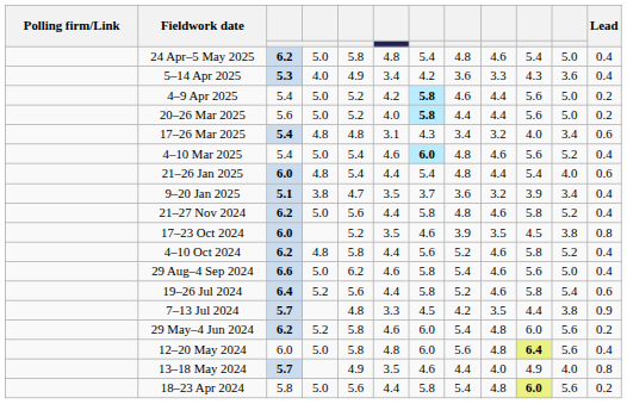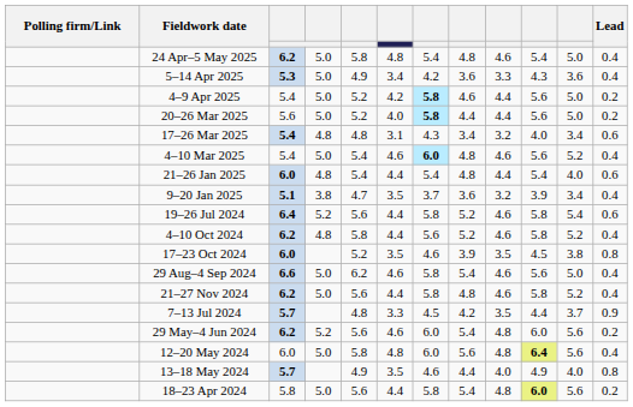 <table class="wikitable sortable mw-datatable" style="text-align:center;font-size:95%;line-height:16px;">
 <tr style="height:42px;">
 <th rowspan="2" style="width:150px;">Polling firm/Link</th>
 <th rowspan="2" style="width:145px;">Fieldwork date</th>
 <th class="unsortable" style="width:35px;"></th>
 <th class="unsortable" style="width:35px;"></th>
 <th class="unsortable" style="width:35px;"></th>
 <th class="unsortable" style="width:35px;"></th>
 <th class="unsortable" style="width:35px;"></th>
 <th class="unsortable" style="width:35px;"></th>
 <th class="unsortable" style="width:35px;"></th>
 <th class="unsortable" style="width:35px;"></th>
 <th class="unsortable" style="width:35px;"></th>
 <th rowspan="2" class="unsortable" style="width:30px;">Lead</th>
 </tr>
 <tr>
 <th colspan="2" style="color:inherit;background:"></th>
 <th style="color:inherit;background:"></th>
 <th style="color:inherit;background:#202056;"></th>
 <th style="color:inherit;background:"></th>
 <th style="color:inherit;background:"></th>
 <th style="color:inherit;background:"></th>
 <th style="color:inherit;background:"></th>
 <th style="color:inherit;background:"></th>
 </tr>
 <tr>
 <td></td>
 <td data-sort-value="2019-10-03">24 Apr–5 May 2025</td>
 <td style="background:#CBDCEF"><strong>6.2</strong></td>
 <td>5.0</td>
 <td>5.8</td>
 <td>4.8</td>
 <td>5.4</td>
 <td>4.8</td>
 <td>4.6</td>
 <td>5.4</td>
 <td>5.0</td>
 <td style="background:">0.4</td>
 </tr>
 <tr>
 <td></td>
 <td>5–14 Apr 2025</td>
 <td style="background:#CBDCEF"><strong>5.3</strong></td>
-<td>4.0</td>
+<td>5.0</td>
 <td>4.9</td>
 <td>3.4</td>
 <td>4.2</td>
 <td>3.6</td>
 <td>3.3</td>
 <td>4.3</td>
 <td>3.6</td>
 <td style="background:">0.4</td>
 </tr>
 <tr>
 <td></td>
 <td data-sort-value="2019-10-03">4–9 Apr 2025</td>
 <td>5.4</td>
 <td>5.0</td>
 <td>5.2</td>
 <td>4.2</td>
 <td style="background:#b9ecff;"><strong>5.8</strong></td>
 <td>4.6</td>
 <td>4.4</td>
 <td>5.6</td>
 <td>5.0</td>
 <td style="background:">0.2</td>
 </tr>
 <tr>
 <td></td>
 <td data-sort-value="2019-10-03">20–26 Mar 2025</td>
 <td>5.6</td>
 <td>5.0</td>
 <td>5.2</td>
 <td>4.0</td>
 <td style="background:#b9ecff;"><strong>5.8</strong></td>
 <td>4.4</td>
 <td>4.4</td>
 <td>5.6</td>
 <td>5.0</td>
 <td style="background:">0.2</td>
 </tr>
 <tr>
 <td></td>
 <td data-sort-value="2024-05-13">17–26 Mar 2025</td>
 <td style="background:#CBDCEF"><strong>5.4</strong></td>
 <td>4.8</td>
 <td>4.8</td>
 <td>3.1</td>
 <td>4.3</td>
 <td>3.4</td>
 <td>3.2</td>
 <td>4.0</td>
 <td>3.4</td>
 <td style="background:">0.6</td>
 </tr>
 <tr>
 <td></td>
 <td data-sort-value="2019-10-03">4–10 Mar 2025</td>
 <td>5.4</td>
 <td>5.0</td>
 <td>5.4</td>
 <td>4.6</td>
 <td style="background:#b9ecff;"><strong>6.0</strong></td>
 <td>4.8</td>
 <td>4.6</td>
 <td>5.6</td>
 <td>5.2</td>
 <td style="background:">0.4</td>
 </tr>
 <tr>
 <td></td>
 <td data-sort-value="2019-10-03">21–26 Jan 2025</td>
 <td style="background:#CBDCEF"><strong>6.0</strong></td>
 <td>4.8</td>
 <td>5.4</td>
 <td>4.4</td>
 <td>5.4</td>
 <td>4.8</td>
 <td>4.4</td>
 <td>5.4</td>
 <td>4.0</td>
 <td style="background:">0.6</td>
 </tr>
 <tr>
 <td></td>
 <td>9–20 Jan 2025</td>
 <td style="background:#CBDCEF"><strong>5.1</strong></td>
 <td>3.8</td>
 <td>4.7</td>
 <td>3.5</td>
 <td>3.7</td>
 <td>3.6</td>
 <td>3.2</td>
 <td>3.9</td>
 <td>3.4</td>
 <td style="background:">0.4</td>
 </tr>
 <tr>
 <td></td>
-<td data-sort-value="2019-10-03">21–27 Nov 2024</td>
-<td style="background:#CBDCEF"><strong>6.2</strong></td>
-<td>5.0</td>
+<td data-sort-value="2019-10-03">19–26 Jul 2024</td>
+<td style="background:#CBDCEF"><strong>6.4</strong></td>
+<td>5.2</td>
 <td>5.6</td>
 <td>4.4</td>
 <td>5.8</td>
+<td>5.2</td>
+<td>4.6</td>
+<td>5.8</td>
+<td>5.4</td>
+<td style="background:">0.6</td>
+</tr>
+<tr>
+<td></td>
+<td data-sort-value="2019-10-03">4–10 Oct 2024</td>
+<td style="background:#CBDCEF"><strong>6.2</strong></td>
 <td>4.8</td>
+<td>5.8</td>
+<td>4.4</td>
+<td>5.6</td>
+<td>5.2</td>
 <td>4.6</td>
 <td>5.8</td>
 <td>5.2</td>
 <td style="background:">0.4</td>
 </tr>
 <tr>
 <td></td>
 <td data-sort-value="2024-05-13">17–23 Oct 2024</td>
 <td style="background:#CBDCEF"><strong>6.0</strong></td>
 <td></td>
 <td>5.2</td>
 <td>3.5</td>
 <td>4.6</td>
 <td>3.9</td>
 <td>3.5</td>
 <td>4.5</td>
 <td>3.8</td>
 <td style="background:">0.8</td>
 </tr>
 <tr>
 <td></td>
-<td data-sort-value="2019-10-03">4–10 Oct 2024</td>
-<td style="background:#CBDCEF"><strong>6.2</strong></td>
-<td>4.8</td>
-<td>5.8</td>
-<td>4.4</td>
-<td>5.6</td>
-<td>5.2</td>
-<td>4.6</td>
-<td>5.8</td>
-<td>5.2</td>
-<td style="background:">0.4</td>
-</tr>
-<tr>
-<td></td>
 <td data-sort-value="2019-10-03">29 Aug–4 Sep 2024</td>
 <td style="background:#CBDCEF"><strong>6.6</strong></td>
 <td>5.0</td>
 <td>6.2</td>
 <td>4.6</td>
 <td>5.8</td>
 <td>5.4</td>
 <td>4.6</td>
 <td>5.6</td>
 <td>5.0</td>
 <td style="background:">0.4</td>
 </tr>
 <tr>
 <td></td>
-<td data-sort-value="2019-10-03">19–26 Jul 2024</td>
-<td style="background:#CBDCEF"><strong>6.4</strong></td>
-<td>5.2</td>
+<td data-sort-value="2019-10-03">21–27 Nov 2024</td>
+<td style="background:#CBDCEF"><strong>6.2</strong></td>
+<td>5.0</td>
 <td>5.6</td>
 <td>4.4</td>
 <td>5.8</td>
-<td>5.2</td>
+<td>4.8</td>
 <td>4.6</td>
 <td>5.8</td>
-<td>5.4</td>
-<td style="background:">0.6</td>
+<td>5.2</td>
+<td style="background:">0.4</td>
 </tr>
 <tr>
 <td></td>
 <td data-sort-value="2024-05-13">7–13 Jul 2024</td>
 <td style="background:#CBDCEF"><strong>5.7</strong></td>
 <td></td>
 <td>4.8</td>
 <td>3.3</td>
 <td>4.5</td>
 <td>4.2</td>
 <td>3.5</td>
 <td>4.4</td>
-<td>3.8</td>
+<td>3.7</td>
 <td style="background:">0.9</td>
 </tr>
 <tr>
 <td></td>
 <td data-sort-value="2019-10-03">29 May–4 Jun 2024</td>
 <td style="background:#CBDCEF"><strong>6.2</strong></td>
 <td>5.2</td>
-<td>5.8</td>
+<td>5.6</td>
 <td>4.6</td>
 <td>6.0</td>
 <td>5.4</td>
 <td>4.8</td>
 <td>6.0</td>
 <td>5.6</td>
 <td style="background:">0.2</td>
 </tr>
 <tr>
 <td></td>
 <td data-sort-value="2019-10-03">12–20 May 2024</td>
 <td>6.0</td>
 <td>5.0</td>
 <td>5.8</td>
 <td>4.8</td>
 <td>6.0</td>
 <td>5.6</td>
 <td>4.8</td>
 <td style="background:#eaf284;"><strong>6.4</strong></td>
 <td>5.6</td>
 <td style="background:">0.4</td>
 </tr>
 <tr>
 <td></td>
 <td data-sort-value="2024-05-13">13–18 May 2024</td>
 <td style="background:#CBDCEF"><strong>5.7</strong></td>
 <td></td>
 <td>4.9</td>
 <td>3.5</td>
 <td>4.6</td>
 <td>4.4</td>
 <td>4.0</td>
 <td>4.9</td>
 <td>4.0</td>
 <td style="background:">0.8</td>
 </tr>
 <tr>
 <td></td>
 <td data-sort-value="2019-10-03">18–23 Apr 2024</td>
 <td>5.8</td>
 <td>5.0</td>
 <td>5.6</td>
 <td>4.4</td>
 <td>5.8</td>
 <td>5.4</td>
 <td>4.8</td>
 <td style="background:#eaf284;"><strong>6.0</strong></td>
 <td>5.6</td>
 <td style="background:">0.2</td>
 </tr>
 </table>
